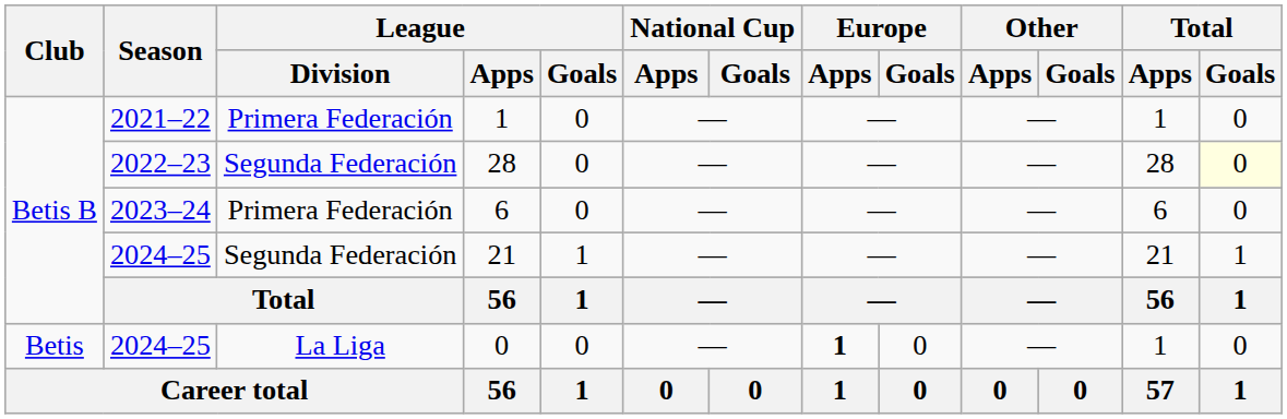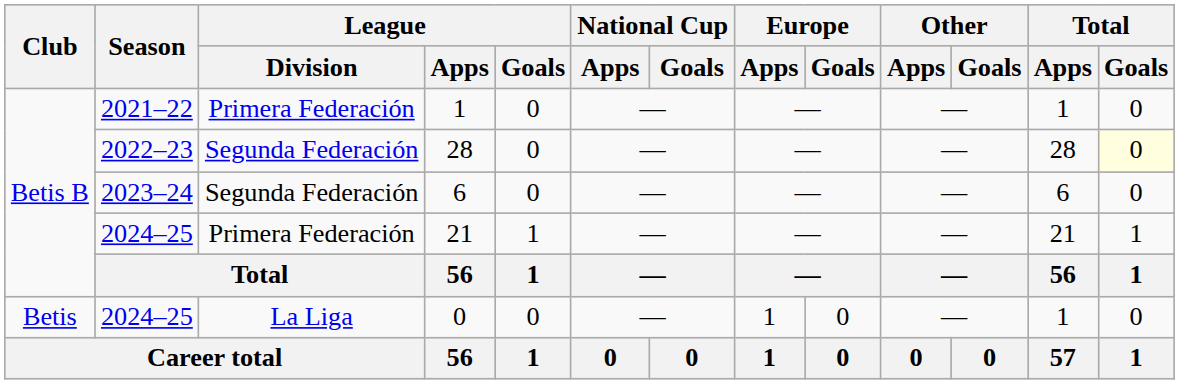 <table class="wikitable" style="text-align:center">
 <tr>
 <th rowspan="2">Club</th>
 <th rowspan="2">Season</th>
 <th colspan="3">League</th>
 <th colspan="2">National Cup</th>
 <th colspan="2">Europe</th>
 <th colspan="2">Other</th>
 <th colspan="2">Total</th>
 </tr>
 <tr>
 <th>Division</th>
 <th>Apps</th>
 <th>Goals</th>
 <th>Apps</th>
 <th>Goals</th>
 <th>Apps</th>
 <th>Goals</th>
 <th>Apps</th>
 <th>Goals</th>
 <th>Apps</th>
 <th>Goals</th>
 </tr>
 <tr>
 <td rowspan="5"><a href='#'>Betis B</a></td>
 <td><a href='#'>2021–22</a></td>
 <td><a href='#'>Primera Federación</a></td>
 <td>1</td>
 <td>0</td>
 <td colspan="2">—</td>
 <td colspan="2">—</td>
 <td colspan="2">—</td>
 <td>1</td>
 <td>0</td>
 </tr>
 <tr>
 <td><a href='#'>2022–23</a></td>
 <td><a href='#'>Segunda Federación</a></td>
 <td>28</td>
 <td>0</td>
 <td colspan="2">—</td>
 <td colspan="2">—</td>
 <td colspan="2">—</td>
 <td>28</td>
 <td style="background: lightyellow;">0</td>
 </tr>
 <tr>
 <td><a href='#'>2023–24</a></td>
-<td>Primera Federación</td>
+<td>Segunda Federación</td>
 <td>6</td>
 <td>0</td>
 <td colspan="2">—</td>
 <td colspan="2">—</td>
 <td colspan="2">—</td>
 <td>6</td>
 <td>0</td>
 </tr>
 <tr>
 <td><a href='#'>2024–25</a></td>
-<td>Segunda Federación</td>
+<td>Primera Federación</td>
 <td>21</td>
 <td>1</td>
 <td colspan="2">—</td>
 <td colspan="2">—</td>
 <td colspan="2">—</td>
 <td>21</td>
 <td>1</td>
 </tr>
 <tr>
 <th colspan="2">Total</th>
 <th>56</th>
 <th>1</th>
 <th colspan="2">—</th>
 <th colspan="2">—</th>
 <th colspan="2">—</th>
 <th>56</th>
 <th>1</th>
 </tr>
 <tr>
 <td><a href='#'>Betis</a></td>
 <td><a href='#'>2024–25</a></td>
 <td><a href='#'>La Liga</a></td>
 <td>0</td>
 <td>0</td>
 <td colspan="2">—</td>
-<td><strong>1</strong></td>
+<td>1</td>
 <td>0</td>
 <td colspan="2">—</td>
 <td>1</td>
 <td>0</td>
 </tr>
 <tr>
 <th colspan="3">Career total</th>
 <th>56</th>
 <th>1</th>
 <th>0</th>
 <th>0</th>
 <th>1</th>
 <th>0</th>
 <th>0</th>
 <th>0</th>
 <th>57</th>
 <th>1</th>
 </tr>
 </table>
